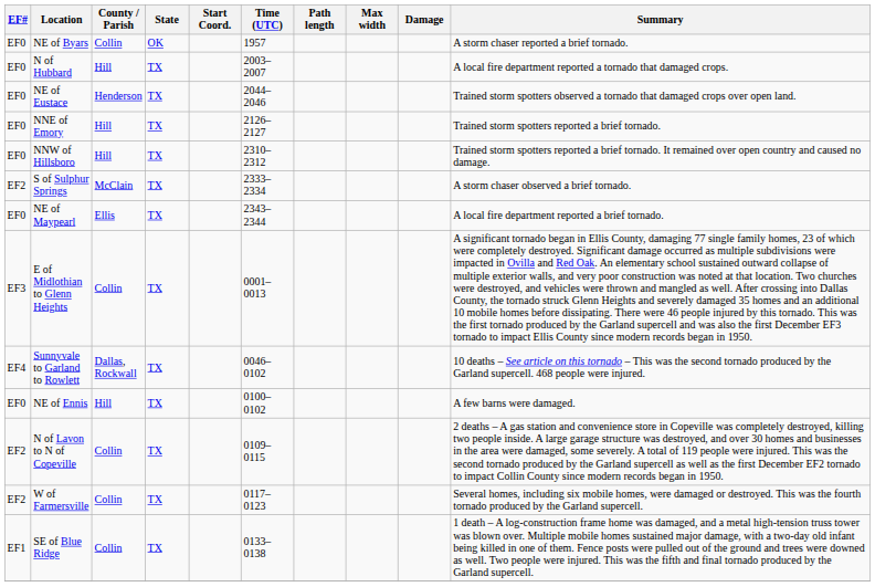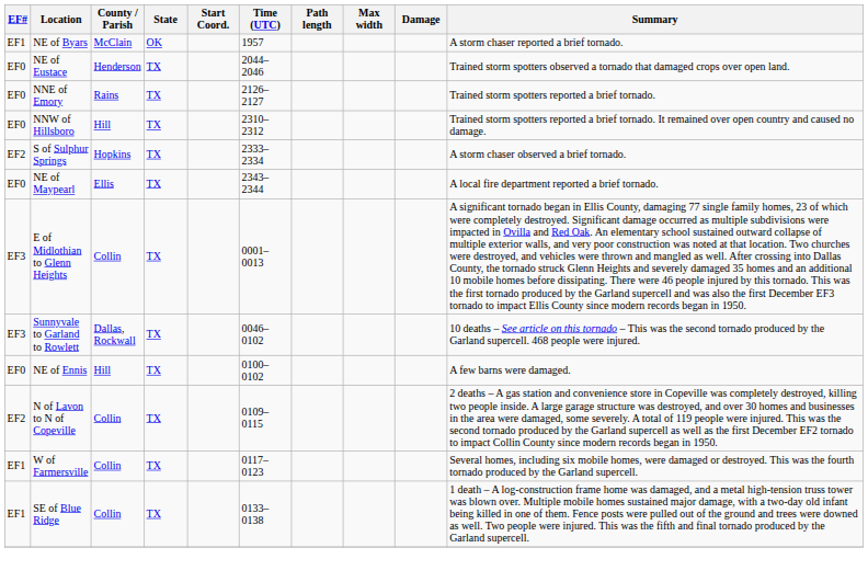 <table class="wikitable sortable" style="width:100%;">
 <tr>
 <th scope="col"  style="width:3%; text-align:center;"><a href='#'>EF#</a></th>
 <th scope="col"  style="width:7%; text-align:center;" class="unsortable">Location</th>
 <th scope="col"  style="width:6%; text-align:center;" class="unsortable">County / Parish</th>
 <th scope="col"  style="width:5%; text-align:center;">State</th>
 <th scope="col"  style="width:6%; text-align:center;">Start Coord.</th>
 <th scope="col"  style="width:6%; text-align:center;">Time (<a href='#'>UTC</a>)</th>
 <th scope="col"  style="width:6%; text-align:center;">Path length</th>
 <th scope="col"  style="width:6%; text-align:center;">Max width</th>
 <th scope="col"  style="width:6%; text-align:center;">Damage</th>
 <th scope="col" class="unsortable" style="width:48%; text-align:center;">Summary</th>
 </tr>
 <tr>
-<td>EF0</td>
+<td>EF1</td>
 <td>NE of <a href='#'>Byars</a></td>
-<td><a href='#'>Collin</a></td>
+<td><a href='#'>McClain</a></td>
 <td><a href='#'>OK</a></td>
 <td></td>
 <td>1957</td>
 <td></td>
 <td></td>
 <td></td>
 <td>A storm chaser reported a brief tornado.</td>
-</tr>
-<tr>
-<td>EF0</td>
-<td>N of <a href='#'>Hubbard</a></td>
-<td><a href='#'>Hill</a></td>
-<td><a href='#'>TX</a></td>
-<td></td>
-<td>2003–2007</td>
-<td></td>
-<td></td>
-<td></td>
-<td>A local fire department reported a tornado that damaged crops.</td>
 </tr>
 <tr>
 <td>EF0</td>
 <td>NE of <a href='#'>Eustace</a></td>
 <td><a href='#'>Henderson</a></td>
 <td><a href='#'>TX</a></td>
 <td></td>
 <td>2044–2046</td>
 <td></td>
 <td></td>
 <td></td>
 <td>Trained storm spotters observed a tornado that damaged crops over open land.</td>
 </tr>
 <tr>
 <td>EF0</td>
 <td>NNE of <a href='#'>Emory</a></td>
-<td><a href='#'>Hill</a></td>
+<td><a href='#'>Rains</a></td>
 <td><a href='#'>TX</a></td>
 <td></td>
 <td>2126–2127</td>
 <td></td>
 <td></td>
 <td></td>
 <td>Trained storm spotters reported a brief tornado.</td>
 </tr>
 <tr>
 <td>EF0</td>
 <td>NNW of <a href='#'>Hillsboro</a></td>
 <td><a href='#'>Hill</a></td>
 <td><a href='#'>TX</a></td>
 <td></td>
 <td>2310–2312</td>
 <td></td>
 <td></td>
 <td></td>
 <td>Trained storm spotters reported a brief tornado. It remained over open country and caused no damage.</td>
 </tr>
 <tr>
 <td>EF2</td>
 <td>S of <a href='#'>Sulphur Springs</a></td>
-<td><a href='#'>McClain</a></td>
+<td><a href='#'>Hopkins</a></td>
 <td><a href='#'>TX</a></td>
 <td></td>
 <td>2333–2334</td>
 <td></td>
 <td></td>
 <td></td>
 <td>A storm chaser observed a brief tornado.</td>
 </tr>
 <tr>
 <td>EF0</td>
 <td>NE of <a href='#'>Maypearl</a></td>
 <td><a href='#'>Ellis</a></td>
 <td><a href='#'>TX</a></td>
 <td></td>
 <td>2343–2344</td>
 <td></td>
 <td></td>
 <td></td>
 <td>A local fire department reported a brief tornado.</td>
 </tr>
 <tr>
 <td>EF3</td>
 <td>E of <a href='#'>Midlothian</a> to <a href='#'>Glenn Heights</a></td>
 <td><a href='#'>Collin</a></td>
 <td><a href='#'>TX</a></td>
 <td></td>
 <td>0001–0013</td>
 <td></td>
 <td></td>
 <td></td>
 <td>A significant tornado began in Ellis County, damaging 77 single family homes, 23 of which were completely destroyed. Significant damage occurred as multiple subdivisions were impacted in <a href='#'>Ovilla</a> and <a href='#'>Red Oak</a>. An elementary school sustained outward collapse of multiple exterior walls, and very poor construction was noted at that location. Two churches were destroyed, and vehicles were thrown and mangled as well. After crossing into Dallas County, the tornado struck Glenn Heights and severely damaged 35 homes and an additional 10 mobile homes before dissipating. There were 46 people injured by this tornado. This was the first tornado produced by the Garland supercell and was also the first December EF3 tornado to impact Ellis County since modern records began in 1950.</td>
 </tr>
 <tr>
-<td>EF4</td>
+<td>EF3</td>
 <td><a href='#'>Sunnyvale</a> to <a href='#'>Garland</a> to <a href='#'>Rowlett</a></td>
 <td><a href='#'>Dallas</a>, <a href='#'>Rockwall</a></td>
 <td><a href='#'>TX</a></td>
 <td></td>
 <td>0046–0102</td>
 <td></td>
 <td></td>
 <td></td>
 <td>10 deaths – <em><a href='#'>See article on this tornado</a></em> – This was the second tornado produced by the Garland supercell. 468 people were injured.</td>
 </tr>
 <tr>
 <td>EF0</td>
 <td>NE of <a href='#'>Ennis</a></td>
 <td><a href='#'>Hill</a></td>
 <td><a href='#'>TX</a></td>
 <td></td>
 <td>0100–0102</td>
 <td></td>
 <td></td>
 <td></td>
 <td>A few barns were damaged.</td>
 </tr>
 <tr>
 <td>EF2</td>
 <td>N of <a href='#'>Lavon</a> to N of <a href='#'>Copeville</a></td>
 <td><a href='#'>Collin</a></td>
 <td><a href='#'>TX</a></td>
 <td></td>
 <td>0109–0115</td>
 <td></td>
 <td></td>
 <td></td>
 <td>2 deaths – A gas station and convenience store in Copeville was completely destroyed, killing two people inside. A large garage structure was destroyed, and over 30 homes and businesses in the area were damaged, some severely. A total of 119 people were injured. This was the second tornado produced by the Garland supercell as well as the first December EF2 tornado to impact Collin County since modern records began in 1950.</td>
 </tr>
 <tr>
-<td>EF2</td>
+<td>EF1</td>
 <td>W of <a href='#'>Farmersville</a></td>
 <td><a href='#'>Collin</a></td>
 <td><a href='#'>TX</a></td>
 <td></td>
 <td>0117–0123</td>
 <td></td>
 <td></td>
 <td></td>
 <td>Several homes, including six mobile homes, were damaged or destroyed. This was the fourth tornado produced by the Garland supercell.</td>
 </tr>
 <tr>
 <td>EF1</td>
 <td>SE of <a href='#'>Blue Ridge</a></td>
 <td><a href='#'>Collin</a></td>
 <td><a href='#'>TX</a></td>
 <td></td>
 <td>0133–0138</td>
 <td></td>
 <td></td>
 <td></td>
 <td>1 death – A log-construction frame home was damaged, and a metal high-tension truss tower was blown over. Multiple mobile homes sustained major damage, with a two-day old infant being killed in one of them. Fence posts were pulled out of the ground and trees were downed as well. Two people were injured. This was the fifth and final tornado produced by the Garland supercell.</td>
 </tr>
 <tr>
 </tr>
 </table>
